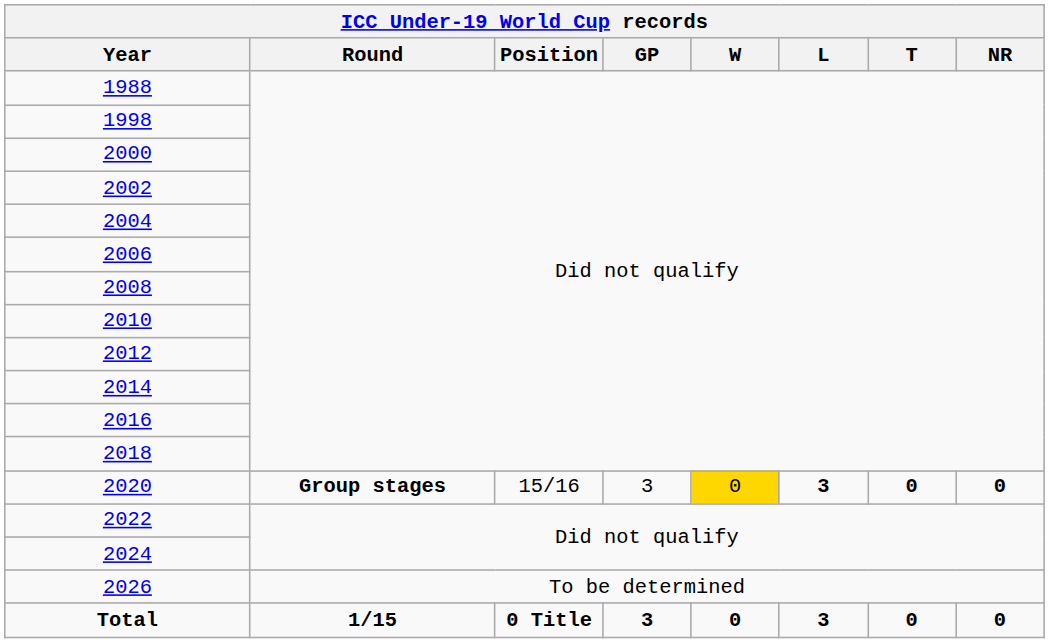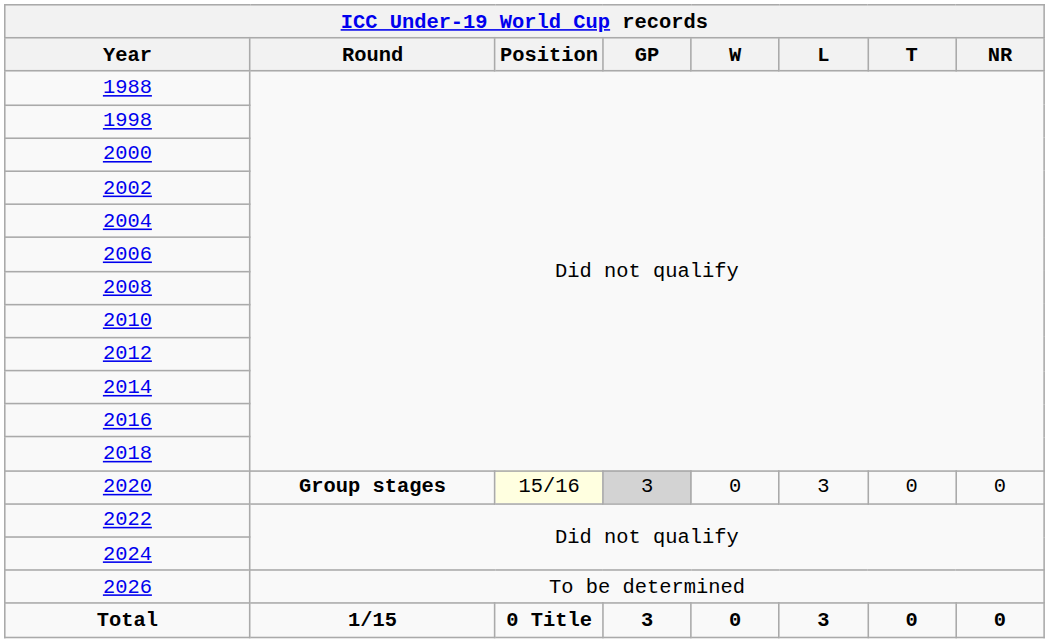 <table class="wikitable" style="text-align: center; width=900px;">
 <tr>
 <th colspan=9><a href='#'>ICC Under-19 World Cup</a> records</th>
 </tr>
 <tr>
 <th width=150>Year</th>
 <th width=150>Round</th>
 <th width=50>Position</th>
 <th width=50>GP</th>
 <th width=50>W</th>
 <th width=50>L</th>
 <th width=50>T</th>
 <th width=50>NR</th>
 </tr>
 <tr>
 <td> <a href='#'>1988</a></td>
 <td colspan=8 rowspan=12>Did not qualify</td>
 </tr>
 <tr>
 <td> <a href='#'>1998</a></td>
 </tr>
 <tr>
 <td> <a href='#'>2000</a></td>
 </tr>
 <tr>
 <td> <a href='#'>2002</a></td>
 </tr>
 <tr>
 <td> <a href='#'>2004</a></td>
 </tr>
 <tr>
 <td> <a href='#'>2006</a></td>
 </tr>
 <tr>
 <td> <a href='#'>2008</a></td>
 </tr>
 <tr>
 <td> <a href='#'>2010</a></td>
 </tr>
 <tr>
 <td> <a href='#'>2012</a></td>
 </tr>
 <tr>
 <td> <a href='#'>2014</a></td>
 </tr>
 <tr>
 <td> <a href='#'>2016</a></td>
 </tr>
 <tr>
 <td> <a href='#'>2018</a></td>
 </tr>
 <tr>
 <td> <a href='#'>2020</a></td>
 <td><strong>Group stages</strong></td>
-<td>15/16</td>
+<td style="background: lightyellow;">15/16</td>
+<td style="background: lightgrey;">3</td>
+<td>0</td>
 <td>3</td>
-<td style="background: gold;">0</td>
-<td><strong>3</strong></td>
-<td><strong>0</strong></td>
-<td><strong>0</strong></td>
+<td>0</td>
+<td>0</td>
 </tr>
 <tr>
 <td> <a href='#'>2022</a></td>
 <td colspan=8 rowspan=2>Did not qualify</td>
 </tr>
 <tr>
 <td> <a href='#'>2024</a></td>
 </tr>
 <tr>
 <td>  <a href='#'>2026</a></td>
 <td colspan=8 rowspan=1>To be determined</td>
 </tr>
 <tr>
 <td><strong>Total</strong></td>
 <td><strong>1/15</strong></td>
 <td><strong>0 Title</strong></td>
 <td><strong>3</strong></td>
 <td><strong>0</strong></td>
 <td><strong>3</strong></td>
 <td><strong>0</strong></td>
 <td><strong>0</strong></td>
 </tr>
 </table>
